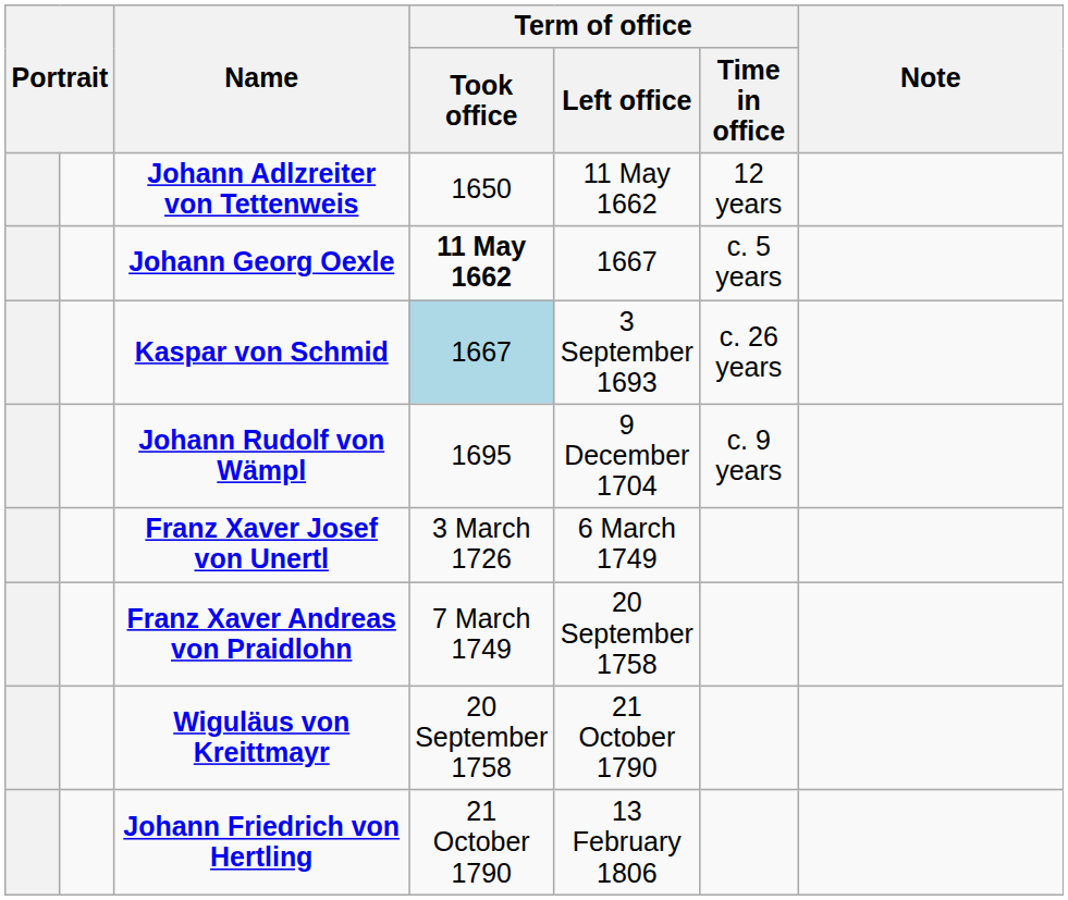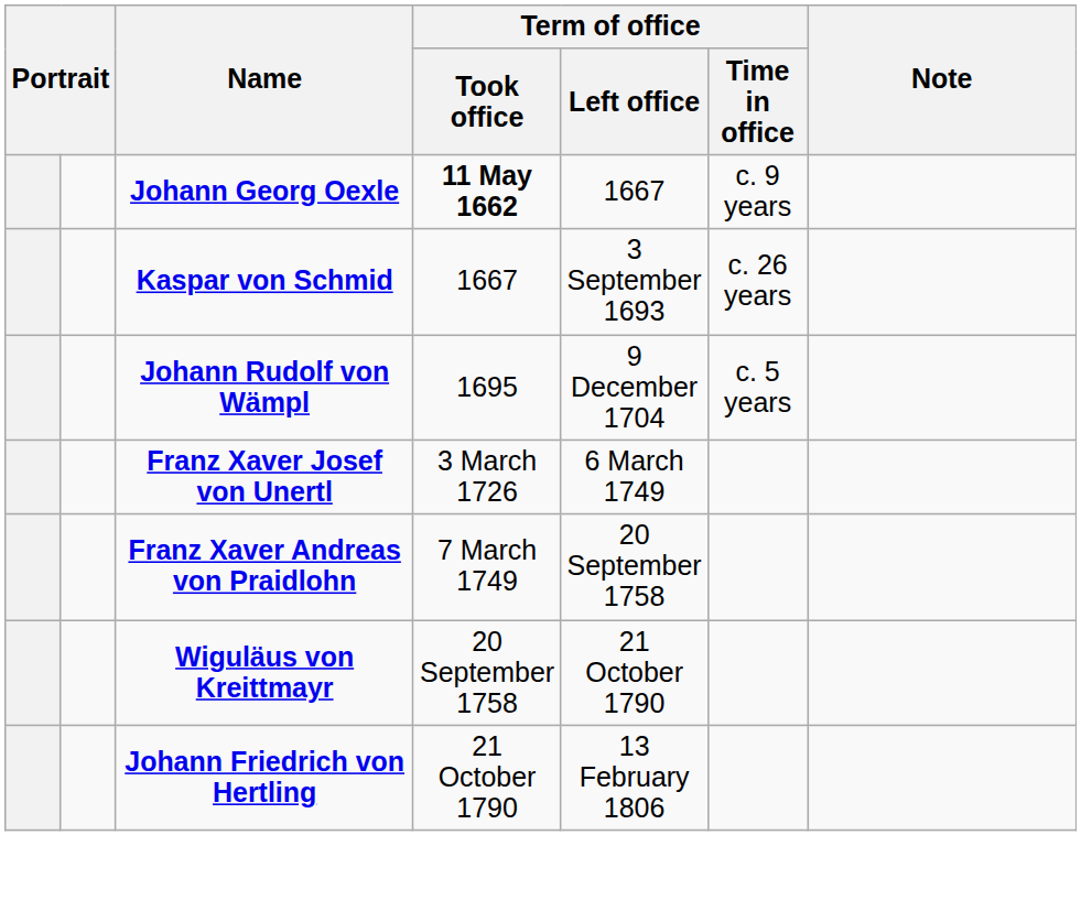 <table class="wikitable" style="text-align:center; width:100%; border:1px #AAAAFF solid">
 <tr>
 <th width=80px rowspan=2 colspan=2>Portrait</th>
 <th width=30% rowspan=2>Name<br></th>
 <th width=35% colspan=3>Term of office</th>
 <th width=28% rowspan=2>Note</th>
 </tr>
 <tr>
 <th>Took office</th>
 <th>Left office</th>
 <th>Time in office</th>
 </tr>
 <tr>
 <th style="background:"></th>
 <td></td>
-<td><strong><a href='#'>Johann Adlzreiter von Tettenweis</a></strong><br></td>
-<td>1650</td>
-<td>11 May 1662</td>
-<td>12 years</td>
-<td></td>
-</tr>
-<tr>
-<th style="background:"></th>
-<td></td>
 <td><strong><a href='#'>Johann Georg Oexle</a></strong><br></td>
 <td><strong>11 May 1662</strong></td>
 <td>1667</td>
-<td>c. 5 years</td>
+<td>c. 9 years</td>
 <td></td>
 </tr>
 <tr>
 <th style="background:"></th>
 <td></td>
 <td><strong><a href='#'>Kaspar von Schmid</a></strong><br></td>
-<td style="background: lightblue;">1667</td>
+<td>1667</td>
 <td>3 September 1693</td>
 <td>c. 26 years</td>
 <td></td>
 </tr>
 <tr>
 <th style="background:"></th>
 <td></td>
 <td><strong><a href='#'>Johann Rudolf von Wämpl</a></strong><br></td>
 <td>1695</td>
 <td>9 December 1704</td>
-<td>c. 9 years</td>
+<td>c. 5 years</td>
 <td></td>
 </tr>
 <tr>
 <th style="background:"></th>
 <td></td>
 <td><strong><a href='#'>Franz Xaver Josef von Unertl</a></strong><br></td>
 <td>3 March 1726</td>
 <td>6 March 1749</td>
 <td></td>
 <td></td>
 </tr>
 <tr>
 <th style="background:"></th>
 <td></td>
 <td><strong><a href='#'>Franz Xaver Andreas von Praidlohn</a></strong><br></td>
 <td>7 March 1749</td>
 <td>20 September 1758</td>
 <td></td>
 <td></td>
 </tr>
 <tr>
 <th style="background:"></th>
 <td></td>
 <td><strong><a href='#'>Wiguläus von Kreittmayr</a></strong><br></td>
 <td>20 September 1758</td>
 <td>21 October 1790</td>
 <td></td>
 <td></td>
 </tr>
 <tr>
 <th style="background:"></th>
 <td></td>
 <td><strong><a href='#'>Johann Friedrich von Hertling</a></strong><br></td>
 <td>21 October 1790</td>
 <td>13 February 1806</td>
 <td></td>
 <td></td>
 </tr>
 </table>
